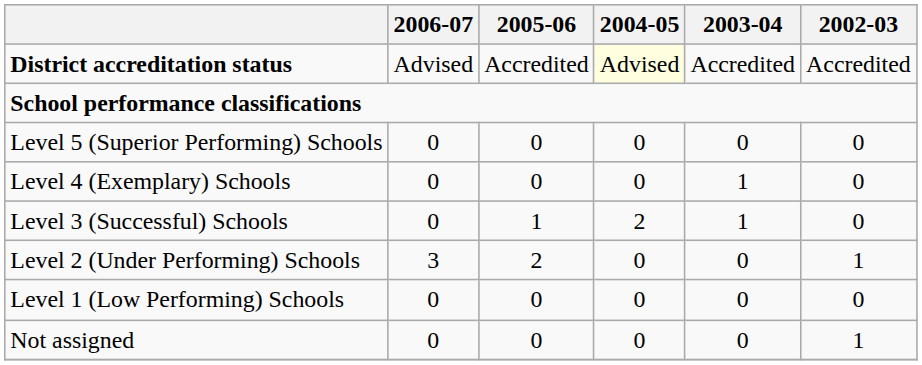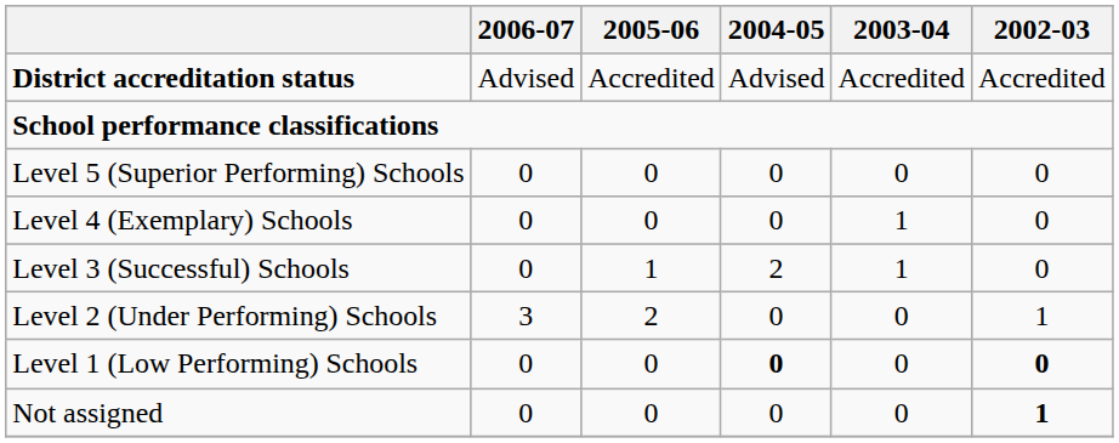 <table class="wikitable" style="font-size: 95%;">
 <tr>
 <th></th>
 <th>2006-07</th>
 <th>2005-06</th>
 <th>2004-05</th>
 <th>2003-04</th>
 <th>2002-03</th>
 </tr>
 <tr>
 <td align="left"><strong>District accreditation status</strong></td>
 <td align="center">Advised</td>
 <td align="center">Accredited</td>
-<td align="center" style="background: lightyellow;">Advised</td>
+<td align="center">Advised</td>
 <td align="center">Accredited</td>
 <td align="center">Accredited</td>
 </tr>
 <tr>
 <td align="left" colspan="6"><strong>School performance classifications</strong></td>
 </tr>
 <tr>
 <td align="left">Level 5 (Superior Performing) Schools</td>
 <td align="center">0</td>
 <td align="center">0</td>
 <td align="center">0</td>
 <td align="center">0</td>
 <td align="center">0</td>
 </tr>
 <tr>
 <td align="left">Level 4 (Exemplary) Schools</td>
 <td align="center">0</td>
 <td align="center">0</td>
 <td align="center">0</td>
 <td align="center">1</td>
 <td align="center">0</td>
 </tr>
 <tr>
 <td align="left">Level 3 (Successful) Schools</td>
 <td align="center">0</td>
 <td align="center">1</td>
 <td align="center">2</td>
 <td align="center">1</td>
 <td align="center">0</td>
 </tr>
 <tr>
 <td align="left">Level 2 (Under Performing) Schools</td>
 <td align="center">3</td>
 <td align="center">2</td>
 <td align="center">0</td>
 <td align="center">0</td>
 <td align="center">1</td>
 </tr>
 <tr>
 <td align="left">Level 1 (Low Performing) Schools</td>
 <td align="center">0</td>
 <td align="center">0</td>
+<td align="center"><strong>0</strong></td>
 <td align="center">0</td>
-<td align="center">0</td>
-<td align="center">0</td>
+<td align="center"><strong>0</strong></td>
 </tr>
 <tr>
 <td align="left">Not assigned</td>
 <td align="center">0</td>
 <td align="center">0</td>
 <td align="center">0</td>
 <td align="center">0</td>
-<td align="center">1</td>
+<td align="center"><strong>1</strong></td>
 </tr>
 <tr>
 </tr>
 </table>
